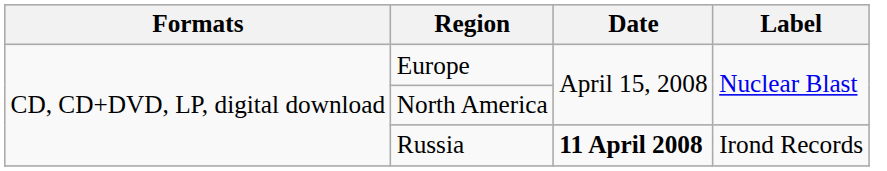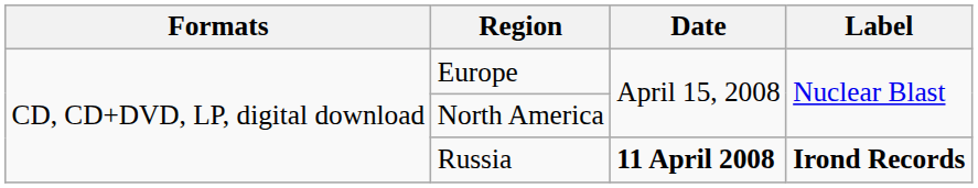 <table class="wikitable plainrowheaders">
 <tr>
 <th scope="col">Formats</th>
 <th scope="col">Region</th>
 <th scope="col">Date</th>
 <th scope="col">Label</th>
 </tr>
 <tr>
 <td rowspan=3>CD, CD+DVD, LP, digital download</td>
 <td>Europe</td>
 <td rowspan=2>April 15, 2008</td>
 <td rowspan=2><a href='#'>Nuclear Blast</a></td>
 </tr>
 <tr>
 <td>North America</td>
 </tr>
 <tr>
 <td>Russia</td>
 <td><strong>11 April 2008</strong></td>
-<td>Irond Records</td>
+<td><strong>Irond Records</strong></td>
 </tr>
 </table>
